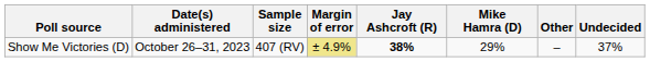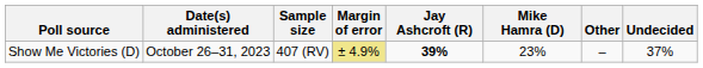 <table class="wikitable" style="font-size:90%;text-align:center;">
 <tr valign=bottom>
 <th>Poll source</th>
 <th>Date(s)<br>administered</th>
 <th>Sample<br>size</th>
 <th>Margin<br>of error</th>
 <th style="width:100px;">Jay<br>Ashcroft (R)</th>
 <th style="width:100px;">Mike<br>Hamra (D)</th>
 <th>Other</th>
 <th>Undecided</th>
 </tr>
 <tr>
 <td rowspan=2 style="text-align:left">Show Me Victories (D)</td>
 <td>October 26–31, 2023</td>
 <td>407 (RV)</td>
 <td style="background: khaki;">± 4.9%</td>
-<td><strong>38%</strong></td>
-<td>29%</td>
+<td><strong>39%</strong></td>
+<td>23%</td>
 <td>–</td>
 <td>37%</td>
 </tr>
 </table>
